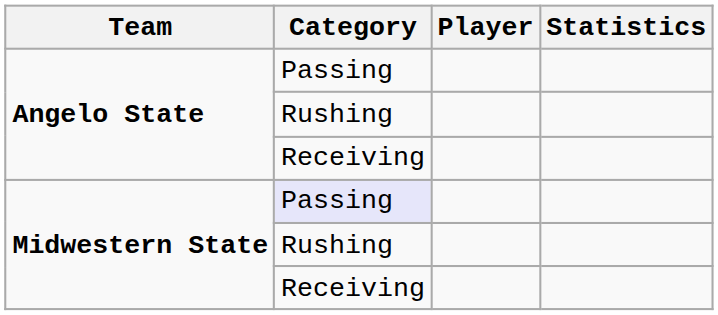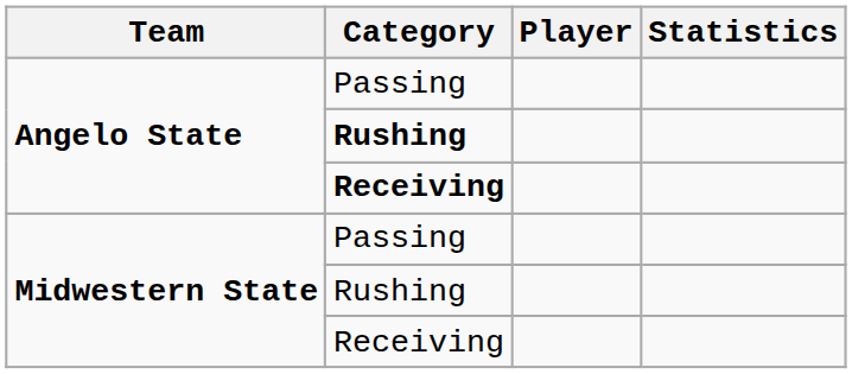 <table class="wikitable" style="float: right;">
 <tr>
 <th>Team</th>
 <th>Category</th>
 <th>Player</th>
 <th>Statistics</th>
 </tr>
 <tr>
 <td rowspan=3><strong>Angelo State</strong></td>
 <td>Passing</td>
 <td></td>
 <td></td>
 </tr>
 <tr>
-<td>Rushing</td>
+<td><strong>Rushing</strong></td>
 <td></td>
 <td></td>
 </tr>
 <tr>
-<td>Receiving</td>
+<td><strong>Receiving</strong></td>
 <td></td>
 <td></td>
 </tr>
 <tr>
 <td rowspan=3><strong>Midwestern State</strong></td>
-<td style="background: lavender;">Passing</td>
+<td>Passing</td>
 <td></td>
 <td></td>
 </tr>
 <tr>
 <td>Rushing</td>
 <td></td>
 <td></td>
 </tr>
 <tr>
 <td>Receiving</td>
 <td></td>
 <td></td>
 </tr>
 </table>
